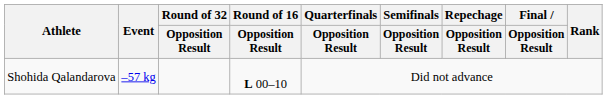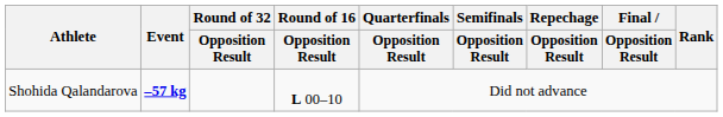 <table class=wikitable style=font-size:90%;text-align:center>
 <tr>
 <th rowspan="2">Athlete</th>
 <th rowspan="2">Event</th>
 <th>Round of 32</th>
 <th>Round of 16</th>
 <th>Quarterfinals</th>
 <th>Semifinals</th>
 <th>Repechage</th>
 <th>Final / </th>
 <th rowspan=2>Rank</th>
 </tr>
 <tr style="font-size:95%">
 <th>Opposition<br>Result</th>
 <th>Opposition<br>Result</th>
 <th>Opposition<br>Result</th>
 <th>Opposition<br>Result</th>
 <th>Opposition<br>Result</th>
 <th>Opposition<br>Result</th>
 </tr>
 <tr>
 <td align=left>Shohida Qalandarova</td>
-<td align=left><a href='#'>–57 kg</a></td>
+<td align=left><strong><a href='#'>–57 kg</a></strong></td>
 <td></td>
 <td><br><strong>L</strong> 00–10</td>
 <td colspan=5>Did not advance</td>
 </tr>
 </table>
